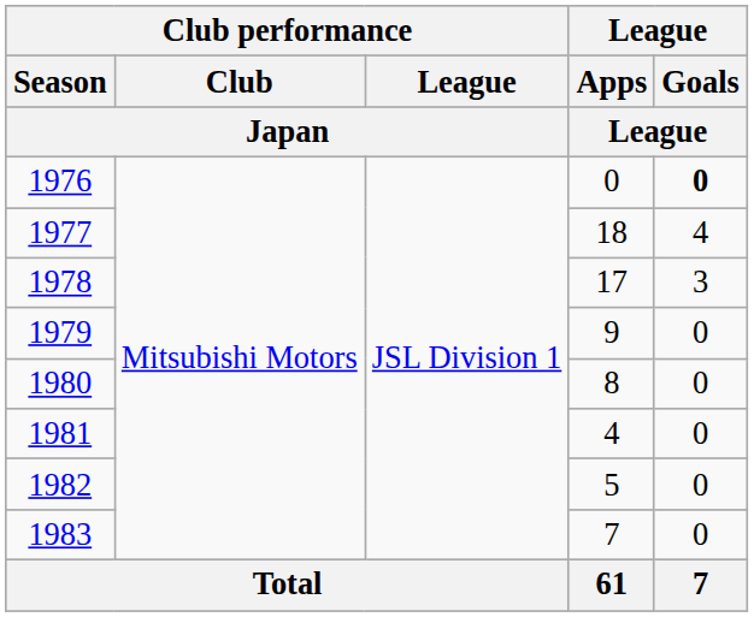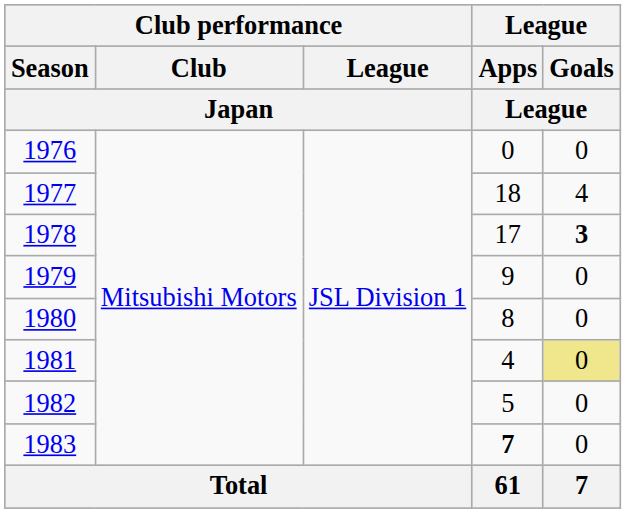 <table class="wikitable" style="text-align:center;">
 <tr>
 <th colspan=3>Club performance</th>
 <th colspan=2>League</th>
 </tr>
 <tr>
 <th>Season</th>
 <th>Club</th>
 <th>League</th>
 <th>Apps</th>
 <th>Goals</th>
 </tr>
 <tr>
 <th colspan=3>Japan</th>
 <th colspan=2>League</th>
 </tr>
 <tr>
 <td><a href='#'>1976</a></td>
 <td rowspan=8><a href='#'>Mitsubishi Motors</a></td>
 <td rowspan=8><a href='#'>JSL Division 1</a></td>
 <td>0</td>
-<td><strong>0</strong></td>
+<td>0</td>
 </tr>
 <tr>
 <td><a href='#'>1977</a></td>
 <td>18</td>
 <td>4</td>
 </tr>
 <tr>
 <td><a href='#'>1978</a></td>
 <td>17</td>
-<td>3</td>
+<td><strong>3</strong></td>
 </tr>
 <tr>
 <td><a href='#'>1979</a></td>
 <td>9</td>
 <td>0</td>
 </tr>
 <tr>
 <td><a href='#'>1980</a></td>
 <td>8</td>
 <td>0</td>
 </tr>
 <tr>
 <td><a href='#'>1981</a></td>
 <td>4</td>
-<td>0</td>
+<td style="background: khaki;">0</td>
 </tr>
 <tr>
 <td><a href='#'>1982</a></td>
 <td>5</td>
 <td>0</td>
 </tr>
 <tr>
 <td><a href='#'>1983</a></td>
-<td>7</td>
+<td><strong>7</strong></td>
 <td>0</td>
 </tr>
 <tr>
 <th colspan=3>Total</th>
 <th>61</th>
 <th>7</th>
 </tr>
 </table>
